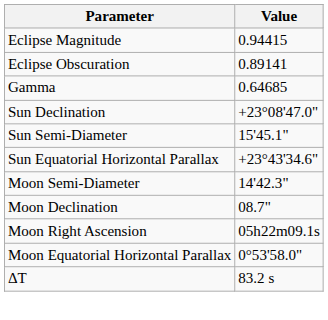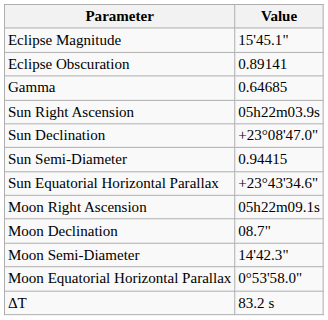 <table class="wikitable">
 <tr>
 <th>Parameter</th>
 <th>Value</th>
 </tr>
 <tr>
 <td>Eclipse Magnitude</td>
-<td>0.94415</td>
+<td>15'45.1"</td>
 </tr>
 <tr>
 <td>Eclipse Obscuration</td>
 <td>0.89141</td>
 </tr>
 <tr>
 <td>Gamma</td>
 <td>0.64685</td>
 </tr>
 <tr>
+<td>Sun Right Ascension</td>
+<td>05h22m03.9s</td>
+</tr>
+<tr>
 <td>Sun Declination</td>
 <td>+23°08'47.0"</td>
 </tr>
 <tr>
 <td>Sun Semi-Diameter</td>
-<td>15'45.1"</td>
+<td>0.94415</td>
 </tr>
 <tr>
 <td>Sun Equatorial Horizontal Parallax</td>
 <td>+23°43'34.6"</td>
 </tr>
 <tr>
-<td>Moon Semi-Diameter</td>
-<td>14'42.3"</td>
+<td>Moon Right Ascension</td>
+<td>05h22m09.1s</td>
 </tr>
 <tr>
 <td>Moon Declination</td>
 <td>08.7"</td>
 </tr>
 <tr>
-<td>Moon Right Ascension</td>
-<td>05h22m09.1s</td>
+<td>Moon Semi-Diameter</td>
+<td>14'42.3"</td>
 </tr>
 <tr>
 <td>Moon Equatorial Horizontal Parallax</td>
 <td>0°53'58.0"</td>
 </tr>
 <tr>
 <td>ΔT</td>
 <td>83.2 s</td>
 </tr>
 </table>
